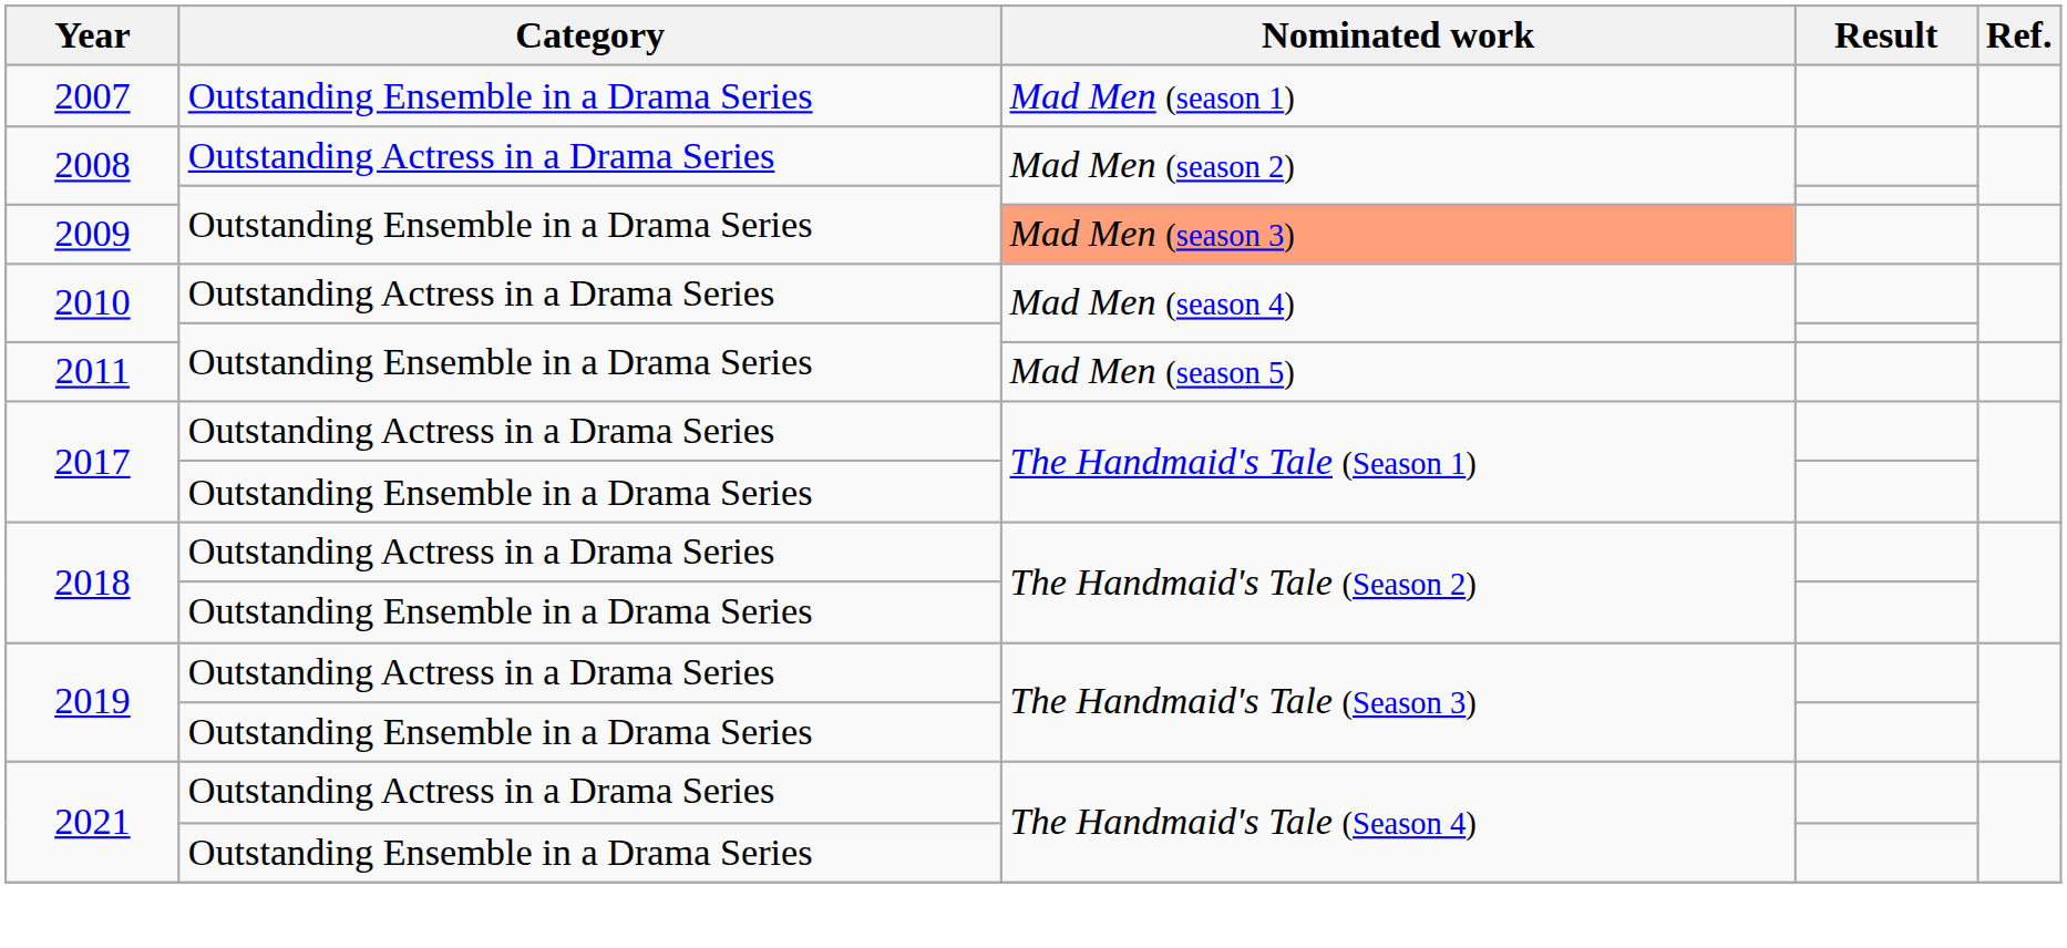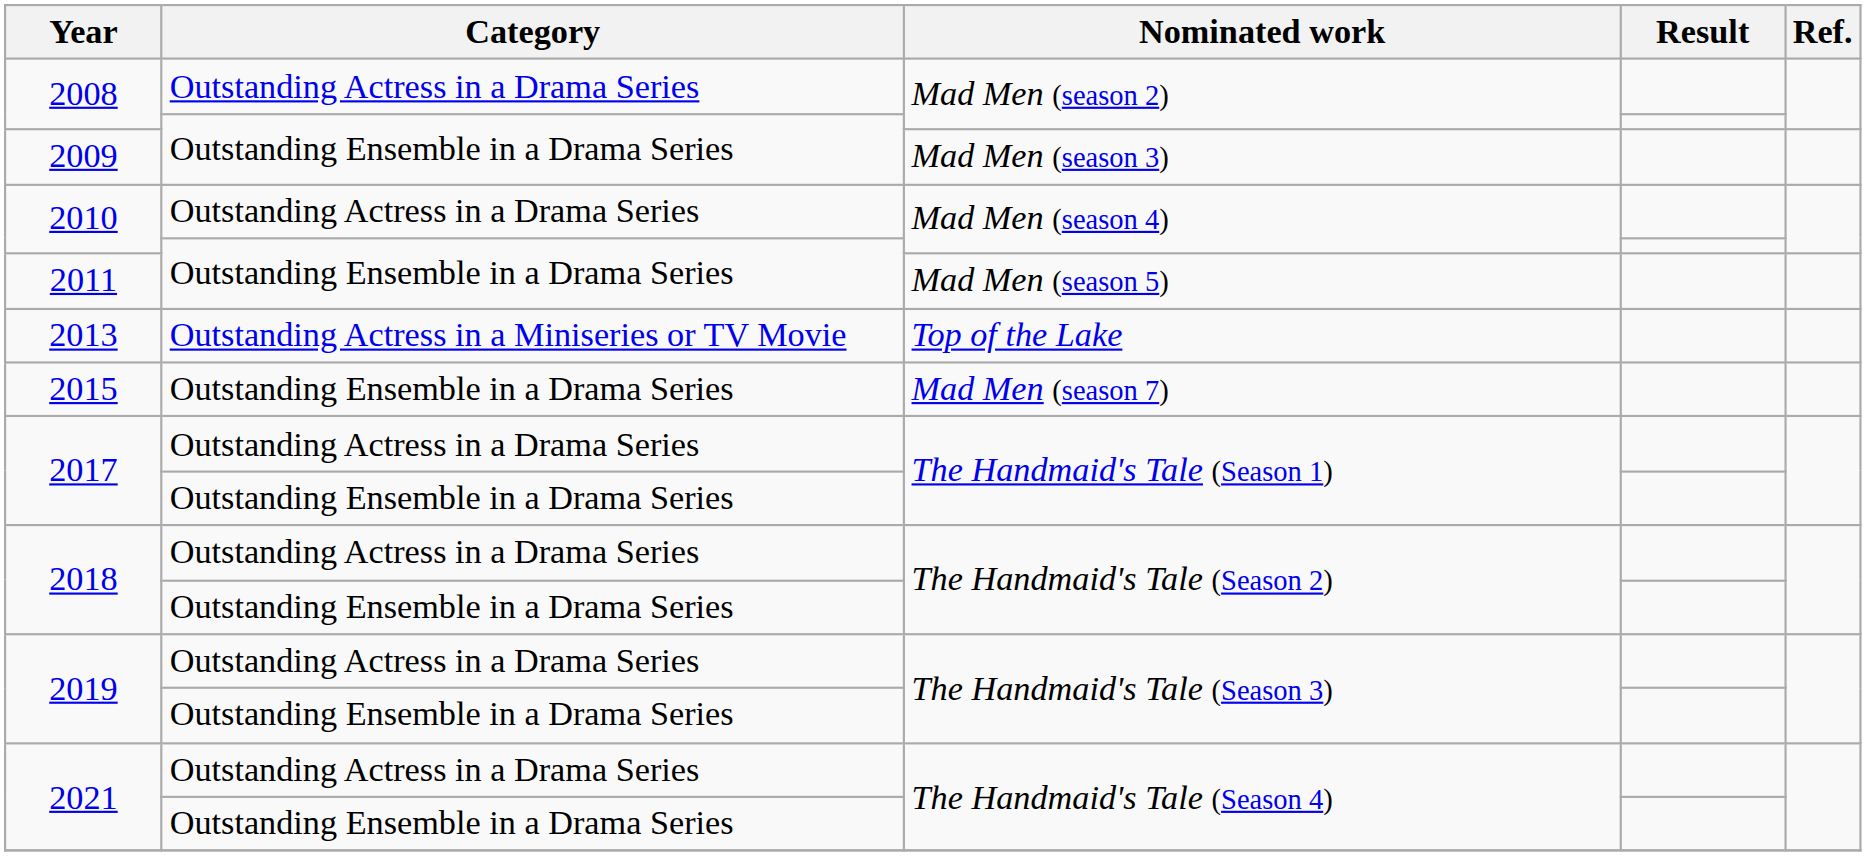 <table class=wikitable>
 <tr>
 <th scope="col" style="width:5em;">Year</th>
 <th scope="col" style="width:28em;">Category</th>
 <th scope="col" style="width:27em;">Nominated work</th>
 <th scope="col" style="width:5em;">Result</th>
 <th>Ref.</th>
-</tr>
-<tr>
-<td scope="row" style="text-align:center;"><a href='#'>2007</a></td>
-<td><a href='#'>Outstanding Ensemble in a Drama Series</a></td>
-<td><em><a href='#'>Mad Men</a></em> <small> (<a href='#'>season 1</a>) </small></td>
-<td></td>
-<td style="text-align:center;"></td>
 </tr>
 <tr>
 <td scope="row" rowspan=2 style="text-align:center;"><a href='#'>2008</a></td>
 <td><a href='#'>Outstanding Actress in a Drama Series</a></td>
 <td rowspan=2><em>Mad Men</em> <small> (<a href='#'>season 2</a>) </small></td>
 <td></td>
 <td style="text-align:center;", rowspan=2></td>
 </tr>
 <tr>
 <td rowspan=2>Outstanding Ensemble in a Drama Series</td>
 <td></td>
 </tr>
 <tr>
 <td scope="row" style="text-align:center;"><a href='#'>2009</a></td>
-<td style="background: lightsalmon;"><em>Mad Men</em> <small> (<a href='#'>season 3</a>) </small></td>
+<td><em>Mad Men</em> <small> (<a href='#'>season 3</a>) </small></td>
 <td></td>
 <td style="text-align:center;"></td>
 </tr>
 <tr>
 <td scope="row" style="text-align:center;" , rowspan="2"><a href='#'>2010</a></td>
 <td>Outstanding Actress in a Drama Series</td>
 <td rowspan=2><em>Mad Men</em> <small> (<a href='#'>season 4</a>) </small></td>
 <td></td>
 <td style="text-align:center;", rowspan=2></td>
 </tr>
 <tr>
 <td rowspan=2>Outstanding Ensemble in a Drama Series</td>
 <td></td>
 </tr>
 <tr>
 <td scope="row" style="text-align:center;"><a href='#'>2011</a></td>
 <td><em>Mad Men</em> <small> (<a href='#'>season 5</a>) </small></td>
+<td></td>
+<td style="text-align:center;"></td>
+</tr>
+<tr>
+<td scope="row" style="text-align:center;"><a href='#'>2013</a></td>
+<td><a href='#'>Outstanding Actress in a Miniseries or TV Movie</a></td>
+<td><em><a href='#'>Top of the Lake</a></em></td>
+<td></td>
+<td style="text-align:center;"></td>
+</tr>
+<tr>
+<td scope="row" style="text-align:center;"><a href='#'>2015</a></td>
+<td>Outstanding Ensemble in a Drama Series</td>
+<td><em><a href='#'>Mad Men</a></em> <small> (<a href='#'>season 7</a>) </small></td>
 <td></td>
 <td style="text-align:center;"></td>
 </tr>
 <tr>
 <td scope="row" rowspan=2 style="text-align:center;"><a href='#'>2017</a></td>
 <td>Outstanding Actress in a Drama Series</td>
 <td rowspan=2><em><a href='#'>The Handmaid's Tale</a></em> <small>(<a href='#'>Season 1</a>)</small></td>
 <td></td>
 <td style="text-align:center;", rowspan=2></td>
 </tr>
 <tr>
 <td>Outstanding Ensemble in a Drama Series</td>
 <td></td>
 </tr>
 <tr>
 <td scope="row" rowspan=2 style="text-align:center;"><a href='#'>2018</a></td>
 <td>Outstanding Actress in a Drama Series</td>
 <td rowspan=2><em>The Handmaid's Tale</em> <small>(<a href='#'>Season 2</a>)</small></td>
 <td></td>
 <td style="text-align:center;", rowspan=2></td>
 </tr>
 <tr>
 <td>Outstanding Ensemble in a Drama Series</td>
 <td></td>
 </tr>
 <tr>
 <td scope="row" rowspan=2 style="text-align:center;"><a href='#'>2019</a></td>
 <td>Outstanding Actress in a Drama Series</td>
 <td rowspan=2><em>The Handmaid's Tale</em> <small>(<a href='#'>Season 3</a>)</small></td>
 <td></td>
 <td style="text-align:center;", rowspan=2></td>
 </tr>
 <tr>
 <td>Outstanding Ensemble in a Drama Series</td>
 <td></td>
 </tr>
 <tr>
 <td scope="row" rowspan=2 style="text-align:center;"><a href='#'>2021</a></td>
 <td>Outstanding Actress in a Drama Series</td>
 <td rowspan=2><em>The Handmaid's Tale</em> <small>(<a href='#'>Season 4</a>)</small></td>
 <td></td>
 <td style="text-align:center;", rowspan=2></td>
 </tr>
 <tr>
 <td>Outstanding Ensemble in a Drama Series</td>
 <td></td>
 </tr>
 <tr>
 </tr>
 </table>
